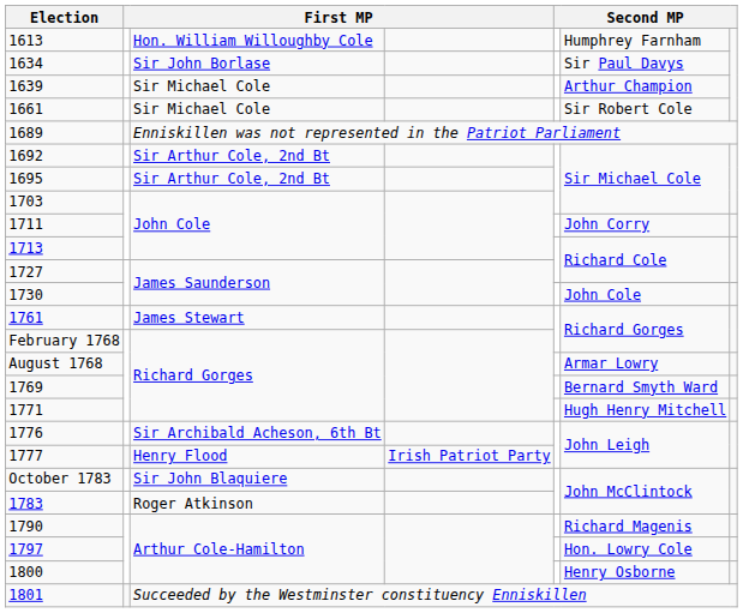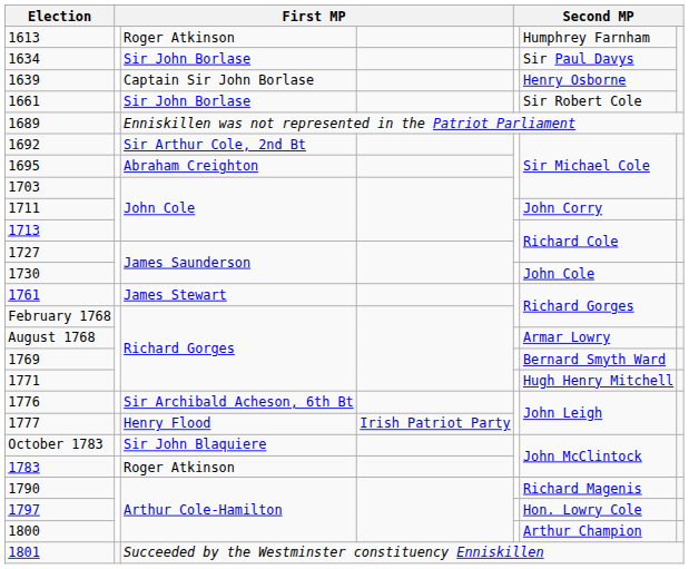 <table class="wikitable">
 <tr>
 <th>Election</th>
 <th colspan=3>First MP</th>
 <th colspan=3>Second MP</th>
 </tr>
 <tr>
 <td>1613</td>
 <td style="background-color: white"></td>
-<td><a href='#'>Hon. William Willoughby Cole</a></td>
+<td>Roger Atkinson</td>
 <td></td>
 <td style="background-color: white"></td>
 <td>Humphrey Farnham</td>
 </tr>
 <tr>
 <td>1634</td>
 <td style="background-color: white"></td>
 <td><a href='#'>Sir John Borlase</a></td>
 <td></td>
 <td style="background-color: white"></td>
 <td>Sir <a href='#'>Paul Davys</a></td>
 </tr>
 <tr>
 <td>1639</td>
 <td style="background-color: white"></td>
-<td>Sir Michael Cole</td>
+<td>Captain Sir John Borlase</td>
 <td></td>
 <td style="background-color: white"></td>
-<td><a href='#'>Arthur Champion</a></td>
+<td><a href='#'>Henry Osborne</a></td>
 </tr>
 <tr>
 <td>1661</td>
 <td style="background-color: white"></td>
-<td>Sir Michael Cole</td>
+<td><a href='#'>Sir John Borlase</a></td>
 <td></td>
 <td style="background-color: white"></td>
 <td>Sir Robert Cole</td>
 </tr>
 <tr>
 <td>1689</td>
 <td></td>
 <td colspan="5"><em>Enniskillen was not represented in the <a href='#'>Patriot Parliament</a></em></td>
 </tr>
 <tr>
 <td>1692</td>
 <td style="background-color: white"></td>
 <td><a href='#'>Sir Arthur Cole, 2nd Bt</a></td>
 <td></td>
 <td rowspan="3" style="background-color: white"></td>
 <td rowspan="3"><a href='#'>Sir Michael Cole</a> </td>
 <td rowspan="3"></td>
 </tr>
 <tr>
 <td>1695</td>
 <td style="background-color: white"></td>
-<td><a href='#'>Sir Arthur Cole, 2nd Bt</a></td>
+<td><a href='#'>Abraham Creighton</a></td>
 <td></td>
 </tr>
 <tr>
 <td>1703</td>
 <td rowspan="3" style="background-color: white"></td>
 <td rowspan="3"><a href='#'>John Cole</a></td>
 <td rowspan="3"></td>
 </tr>
 <tr>
 <td>1711</td>
 <td style="background-color: white"></td>
 <td><a href='#'>John Corry</a></td>
 <td></td>
 </tr>
 <tr>
 <td><a href='#'>1713</a></td>
 <td rowspan="2" style="background-color: white"></td>
 <td rowspan="2"><a href='#'>Richard Cole</a></td>
 <td rowspan="2"></td>
 </tr>
 <tr>
 <td>1727</td>
 <td rowspan="2" style="background-color: white"></td>
 <td rowspan="2"><a href='#'>James Saunderson</a></td>
 <td rowspan="2"></td>
 </tr>
 <tr>
 <td>1730</td>
 <td style="background-color: white"></td>
 <td><a href='#'>John Cole</a></td>
 <td></td>
 </tr>
 <tr>
 <td><a href='#'>1761</a></td>
 <td style="background-color: white"></td>
 <td><a href='#'>James Stewart</a></td>
 <td></td>
 <td rowspan="2" style="background-color: white"></td>
 <td rowspan="2"><a href='#'>Richard Gorges</a></td>
 <td rowspan="2"></td>
 </tr>
 <tr>
 <td>February 1768</td>
 <td rowspan="4" style="background-color: white"></td>
 <td rowspan="4"><a href='#'>Richard Gorges</a></td>
 <td rowspan="4"></td>
 </tr>
 <tr>
 <td>August 1768</td>
 <td style="background-color: white"></td>
 <td><a href='#'>Armar Lowry</a></td>
 <td></td>
 </tr>
 <tr>
 <td>1769</td>
 <td style="background-color: white"></td>
 <td><a href='#'>Bernard Smyth Ward</a></td>
 <td></td>
 </tr>
 <tr>
 <td>1771</td>
 <td style="background-color: white"></td>
 <td><a href='#'>Hugh Henry Mitchell</a></td>
 <td></td>
 </tr>
 <tr>
 <td>1776</td>
 <td style="background-color: white"></td>
 <td><a href='#'>Sir Archibald Acheson, 6th Bt</a></td>
 <td></td>
 <td rowspan="2" style="background-color: white"></td>
 <td rowspan="2"><a href='#'>John Leigh</a></td>
 <td rowspan="2"></td>
 </tr>
 <tr>
 <td>1777</td>
 <td style="background-color: "></td>
 <td><a href='#'>Henry Flood</a></td>
 <td><a href='#'>Irish Patriot Party</a></td>
 </tr>
 <tr>
 <td>October 1783</td>
 <td style="background-color: white"></td>
 <td><a href='#'>Sir John Blaquiere</a></td>
 <td></td>
 <td rowspan="2" style="background-color: white"></td>
 <td rowspan="2"><a href='#'>John McClintock</a></td>
 <td rowspan="2"></td>
 </tr>
 <tr>
 <td><a href='#'>1783</a></td>
 <td style="background-color: white"></td>
 <td>Roger Atkinson</td>
 <td></td>
 </tr>
 <tr>
 <td>1790</td>
 <td rowspan="3" style="background-color: white"></td>
 <td rowspan="3"><a href='#'>Arthur Cole-Hamilton</a></td>
 <td rowspan="3"></td>
 <td style="background-color: white"></td>
 <td><a href='#'>Richard Magenis</a></td>
 <td></td>
 </tr>
 <tr>
 <td><a href='#'>1797</a></td>
 <td style="background-color: white"></td>
 <td><a href='#'>Hon. Lowry Cole</a></td>
 <td></td>
 </tr>
 <tr>
 <td>1800</td>
 <td style="background-color: white"></td>
-<td><a href='#'>Henry Osborne</a></td>
+<td><a href='#'>Arthur Champion</a></td>
 <td></td>
 </tr>
 <tr>
 <td><a href='#'>1801</a></td>
 <td></td>
 <td colspan="5"><em>Succeeded by the Westminster constituency <a href='#'>Enniskillen</a></em></td>
 </tr>
 </table>
